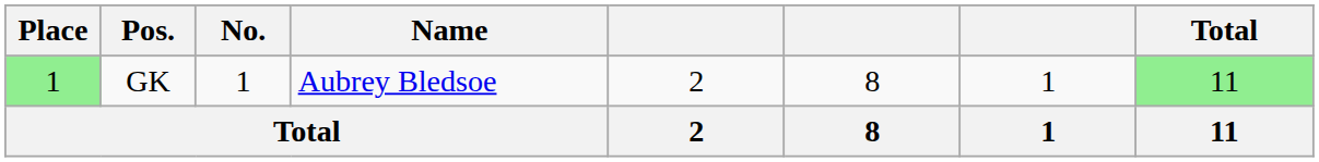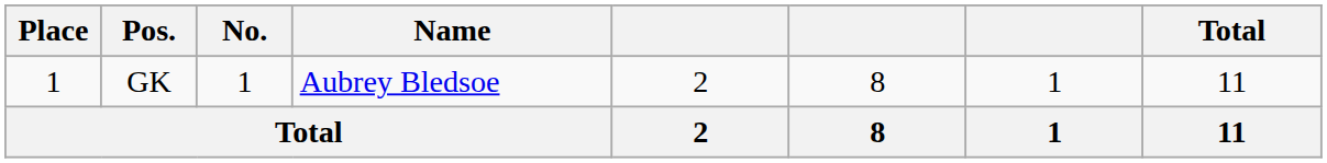 <table class="wikitable sortable" style="font-size: 95%; text-align: center;">
 <tr>
 <th width=40>Place</th>
 <th width=40>Pos.</th>
 <th width=40>No.</th>
 <th width=150>Name</th>
 <th width=80></th>
 <th width=80></th>
 <th width=80></th>
 <th width=80><strong>Total</strong></th>
 </tr>
 <tr>
-<td style="background: lightgreen;">1</td>
+<td>1</td>
 <td>GK</td>
 <td>1</td>
 <td align="left"> <a href='#'>Aubrey Bledsoe</a></td>
 <td>2</td>
 <td>8</td>
 <td>1</td>
-<td style="background: lightgreen;">11</td>
+<td>11</td>
 </tr>
 <tr>
 <th colspan="4">Total</th>
 <th>2</th>
 <th>8</th>
 <th>1</th>
 <th>11</th>
 </tr>
 </table>
